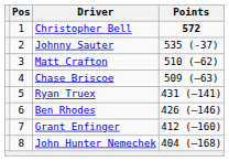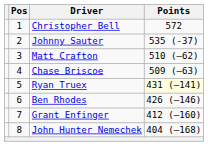 <table class="wikitable" style="font-size: 95%;">
 <tr>
 <th></th>
 <th>Pos</th>
 <th>Driver</th>
 <th>Points</th>
 </tr>
 <tr>
 <td align="left"></td>
 <td style="text-align:center;">1</td>
 <td><a href='#'>Christopher Bell</a></td>
-<td style="text-align:center;"><strong>572</strong></td>
+<td style="text-align:center;">572</td>
 </tr>
 <tr>
 <td align="left"></td>
 <td style="text-align:center;">2</td>
 <td><a href='#'>Johnny Sauter</a></td>
 <td style="text-align:center;">535 (-37)</td>
 </tr>
 <tr>
 <td align="left"></td>
 <td style="text-align:center;">3</td>
 <td><a href='#'>Matt Crafton</a></td>
 <td style="text-align:center;">510 (–62)</td>
 </tr>
 <tr>
 <td align="left"></td>
 <td style="text-align:center;">4</td>
 <td><a href='#'>Chase Briscoe</a></td>
 <td style="text-align:center;">509 (–63)</td>
 </tr>
 <tr>
 <td align="left"></td>
 <td style="text-align:center;">5</td>
 <td><a href='#'>Ryan Truex</a></td>
-<td style="text-align:center;">431 (–141)</td>
+<td style="background: lightyellow; text-align:center;">431 (–141)</td>
 </tr>
 <tr>
 <td align="left"></td>
 <td style="text-align:center;">6</td>
 <td><a href='#'>Ben Rhodes</a></td>
 <td style="text-align:center;">426 (–146)</td>
 </tr>
 <tr>
 <td align="left"></td>
 <td style="text-align:center;">7</td>
 <td><a href='#'>Grant Enfinger</a></td>
 <td style="text-align:center;">412 (–160)</td>
 </tr>
 <tr>
 <td align="left"></td>
 <td style="text-align:center;">8</td>
 <td><a href='#'>John Hunter Nemechek</a></td>
 <td style="text-align:center;">404 (–168)</td>
 </tr>
 <tr class="sortbottom">
 <th colspan="9"></th>
 </tr>
 </table>
